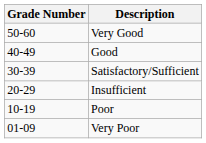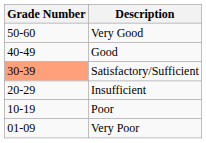 <table class="wikitable">
 <tr>
 <th>Grade Number</th>
 <th>Description</th>
 </tr>
 <tr>
 <td>50-60</td>
 <td>Very Good</td>
 </tr>
 <tr>
 <td>40-49</td>
 <td>Good</td>
 </tr>
 <tr>
-<td>30-39</td>
+<td style="background: lightsalmon;">30-39</td>
 <td>Satisfactory/Sufficient</td>
 </tr>
 <tr>
 <td>20-29</td>
 <td>Insufficient</td>
 </tr>
 <tr>
 <td>10-19</td>
 <td>Poor</td>
 </tr>
 <tr>
 <td>01-09</td>
 <td>Very Poor</td>
 </tr>
 </table>
